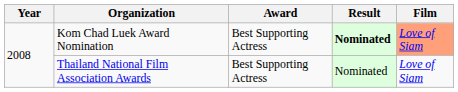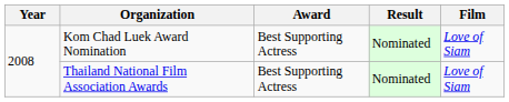 <table class="wikitable">
 <tr>
 <th width="60">Year</th>
 <th>Organization</th>
 <th>Award</th>
 <th width="80">Result</th>
 <th>Film</th>
 </tr>
 <tr>
 <td rowspan="2">2008</td>
 <td>Kom Chad Luek Award Nomination</td>
 <td>Best Supporting Actress</td>
-<td style="background: #ddffdd"><strong>Nominated</strong></td>
-<td style="background: lightsalmon;"><em><a href='#'>Love of Siam</a></em></td>
+<td style="background: #ddffdd">Nominated</td>
+<td><em><a href='#'>Love of Siam</a></em></td>
 </tr>
 <tr>
 <td><a href='#'>Thailand National Film Association Awards</a></td>
 <td>Best Supporting Actress</td>
 <td style="background: #ddffdd">Nominated</td>
 <td><em><a href='#'>Love of Siam</a></em></td>
 </tr>
 </table>
